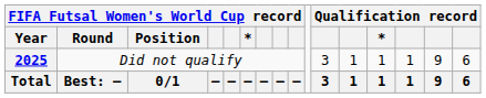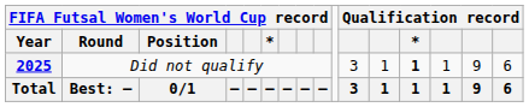 <table class="wikitable" style="text-align: center;">
 <tr>
 <th colspan="9"><a href='#'>FIFA Futsal Women's World Cup</a> record</th>
 <td rowspan=13></td>
 <th colspan=6>Qualification record</th>
 </tr>
 <tr>
 <th>Year</th>
 <th>Round</th>
 <th>Position</th>
 <th></th>
 <th></th>
 <th>*</th>
 <th></th>
 <th></th>
 <th></th>
 <th></th>
 <th></th>
 <th>*</th>
 <th></th>
 <th></th>
 <th></th>
 </tr>
 <tr>
 <th> <a href='#'>2025</a></th>
 <td colspan="8"><em>Did not qualify</em></td>
 <td>3</td>
 <td>1</td>
-<td>1</td>
+<td><strong>1</strong></td>
 <td>1</td>
 <td>9</td>
 <td>6</td>
 </tr>
 <tr>
 <th>Total</th>
 <th>Best: —</th>
 <th>0/1</th>
 <th>—</th>
 <th>—</th>
 <th>—</th>
 <th>—</th>
 <th>—</th>
 <th>—</th>
 <th>3</th>
 <th>1</th>
 <th>1</th>
 <th>1</th>
 <th>9</th>
 <th>6</th>
 </tr>
 </table>
